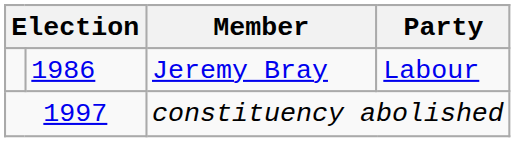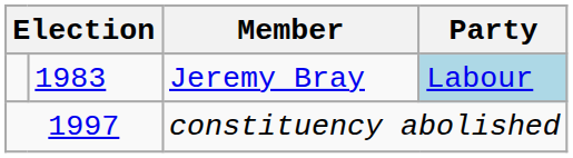 <table class="wikitable">
 <tr>
 <th colspan="2">Election</th>
 <th>Member</th>
 <th>Party</th>
 </tr>
 <tr>
 <td style="color:inherit;background-color: "></td>
-<td><a href='#'>1986</a></td>
+<td><a href='#'>1983</a></td>
 <td><a href='#'>Jeremy Bray</a></td>
-<td><a href='#'>Labour</a></td>
+<td style="background: lightblue;"><a href='#'>Labour</a></td>
 </tr>
 <tr>
 <td colspan="2" align="center"><a href='#'>1997</a></td>
 <td colspan="2"><em>constituency abolished</em></td>
 </tr>
 </table>
